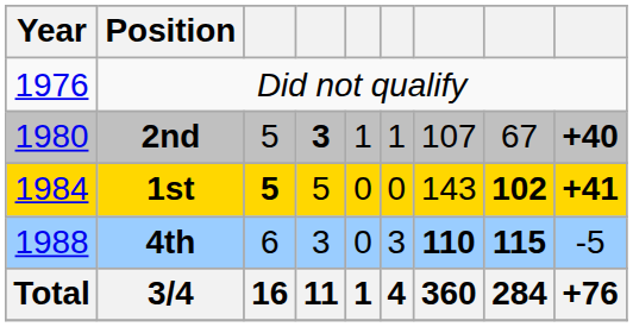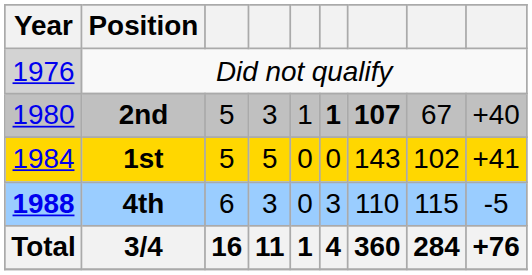 <table class="wikitable" style="text-align: center;">
 <tr>
 <th>Year</th>
 <th>Position</th>
 <th></th>
 <th></th>
 <th></th>
 <th></th>
 <th></th>
 <th></th>
 <th></th>
 </tr>
 <tr>
-<td> <a href='#'>1976</a></td>
+<td style="background: lightgrey;"> <a href='#'>1976</a></td>
 <td colspan="9"><em>Did not qualify</em></td>
 </tr>
 <tr style="background:silver">
 <td> <a href='#'>1980</a></td>
 <td><strong>2nd</strong> </td>
 <td>5</td>
-<td><strong>3</strong></td>
+<td>3</td>
 <td>1</td>
-<td>1</td>
-<td>107</td>
+<td><strong>1</strong></td>
+<td><strong>107</strong></td>
 <td>67</td>
-<td><strong>+40</strong></td>
+<td>+40</td>
 </tr>
 <tr style="background:gold;">
 <td> <a href='#'>1984</a></td>
 <td><strong>1st</strong> </td>
-<td><strong>5</strong></td>
+<td>5</td>
 <td>5</td>
 <td>0</td>
 <td>0</td>
 <td>143</td>
-<td><strong>102</strong></td>
-<td><strong>+41</strong></td>
+<td>102</td>
+<td>+41</td>
 </tr>
 <tr style="background:#9acdff">
-<td> <a href='#'>1988</a></td>
+<td><strong> <a href='#'>1988</a></strong></td>
 <td><strong>4th</strong></td>
 <td>6</td>
 <td>3</td>
 <td>0</td>
 <td>3</td>
-<td><strong>110</strong></td>
-<td><strong>115</strong></td>
+<td>110</td>
+<td>115</td>
 <td>-5</td>
 </tr>
 <tr>
 <th>Total</th>
 <th>3/4</th>
 <th>16</th>
 <th>11</th>
 <th>1</th>
 <th>4</th>
 <th>360</th>
 <th>284</th>
 <th>+76</th>
 </tr>
 <tr>
 </tr>
 </table>
